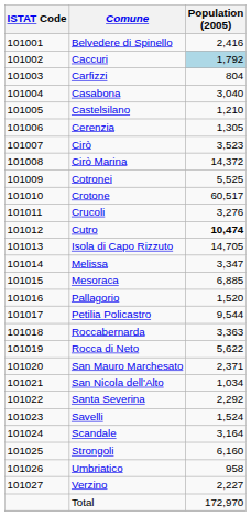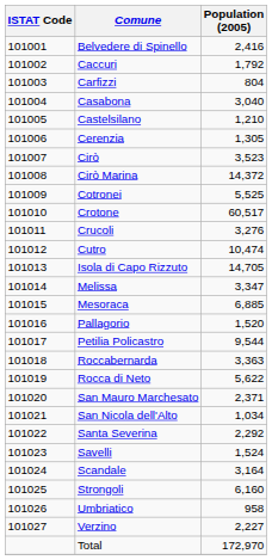 <table class="wikitable sortable">
 <tr>
 <th><a href='#'>ISTAT</a> Code</th>
 <th><em><a href='#'>Comune</a></em></th>
 <th>Population <br>(2005)</th>
 </tr>
 <tr>
 <td>101001</td>
 <td><a href='#'>Belvedere di Spinello</a></td>
 <td align="right">2,416</td>
 </tr>
 <tr>
 <td>101002</td>
 <td><a href='#'>Caccuri</a></td>
-<td align="right" style="background: lightblue;">1,792</td>
+<td align="right">1,792</td>
 </tr>
 <tr>
 <td>101003</td>
 <td><a href='#'>Carfizzi</a></td>
 <td align="right">804</td>
 </tr>
 <tr>
 <td>101004</td>
 <td><a href='#'>Casabona</a></td>
 <td align="right">3,040</td>
 </tr>
 <tr>
 <td>101005</td>
 <td><a href='#'>Castelsilano</a></td>
 <td align="right">1,210</td>
 </tr>
 <tr>
 <td>101006</td>
 <td><a href='#'>Cerenzia</a></td>
 <td align="right">1,305</td>
 </tr>
 <tr>
 <td>101007</td>
 <td><a href='#'>Cirò</a></td>
 <td align="right">3,523</td>
 </tr>
 <tr>
 <td>101008</td>
 <td><a href='#'>Cirò Marina</a></td>
 <td align="right">14,372</td>
 </tr>
 <tr>
 <td>101009</td>
 <td><a href='#'>Cotronei</a></td>
 <td align="right">5,525</td>
 </tr>
 <tr>
 <td>101010</td>
 <td><a href='#'>Crotone</a></td>
 <td align="right">60,517</td>
 </tr>
 <tr>
 <td>101011</td>
 <td><a href='#'>Crucoli</a></td>
 <td align="right">3,276</td>
 </tr>
 <tr>
 <td>101012</td>
 <td><a href='#'>Cutro</a></td>
-<td align="right"><strong>10,474</strong></td>
+<td align="right">10,474</td>
 </tr>
 <tr>
 <td>101013</td>
 <td><a href='#'>Isola di Capo Rizzuto</a></td>
 <td align="right">14,705</td>
 </tr>
 <tr>
 <td>101014</td>
 <td><a href='#'>Melissa</a></td>
 <td align="right">3,347</td>
 </tr>
 <tr>
 <td>101015</td>
 <td><a href='#'>Mesoraca</a></td>
 <td align="right">6,885</td>
 </tr>
 <tr>
 <td>101016</td>
 <td><a href='#'>Pallagorio</a></td>
 <td align="right">1,520</td>
 </tr>
 <tr>
 <td>101017</td>
 <td><a href='#'>Petilia Policastro</a></td>
 <td align="right">9,544</td>
 </tr>
 <tr>
 <td>101018</td>
 <td><a href='#'>Roccabernarda</a></td>
 <td align="right">3,363</td>
 </tr>
 <tr>
 <td>101019</td>
 <td><a href='#'>Rocca di Neto</a></td>
 <td align="right">5,622</td>
 </tr>
 <tr>
 <td>101020</td>
 <td><a href='#'>San Mauro Marchesato</a></td>
 <td align="right">2,371</td>
 </tr>
 <tr>
 <td>101021</td>
 <td><a href='#'>San Nicola dell'Alto</a></td>
 <td align="right">1,034</td>
 </tr>
 <tr>
 <td>101022</td>
 <td><a href='#'>Santa Severina</a></td>
 <td align="right">2,292</td>
 </tr>
 <tr>
 <td>101023</td>
 <td><a href='#'>Savelli</a></td>
 <td align="right">1,524</td>
 </tr>
 <tr>
 <td>101024</td>
 <td><a href='#'>Scandale</a></td>
 <td align="right">3,164</td>
 </tr>
 <tr>
 <td>101025</td>
 <td><a href='#'>Strongoli</a></td>
 <td align="right">6,160</td>
 </tr>
 <tr>
 <td>101026</td>
 <td><a href='#'>Umbriatico</a></td>
 <td align="right">958</td>
 </tr>
 <tr>
 <td>101027</td>
 <td><a href='#'>Verzino</a></td>
 <td align="right">2,227</td>
 </tr>
 <tr>
 <td></td>
 <td>Total</td>
 <td align="right">172,970</td>
 </tr>
 <tr>
 </tr>
 </table>
